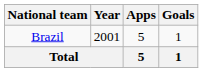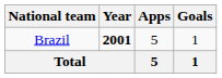 <table class="wikitable" style="text-align:center">
 <tr>
 <th>National team</th>
 <th>Year</th>
 <th>Apps</th>
 <th>Goals</th>
 </tr>
 <tr>
 <td><a href='#'>Brazil</a></td>
-<td>2001</td>
+<td><strong>2001</strong></td>
 <td>5</td>
 <td>1</td>
 </tr>
 <tr>
 <th colspan="2">Total</th>
 <th>5</th>
 <th>1</th>
 </tr>
 </table>
